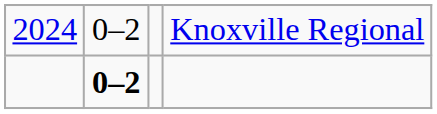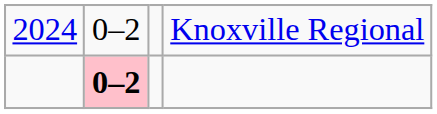 <table class="wikitable">
 <tr>
 <td><a href='#'>2024</a></td>
 <td>0–2</td>
 <td></td>
 <td><a href='#'>Knoxville Regional</a></td>
 </tr>
 <tr>
 <td></td>
-<td><strong>0–2</strong></td>
+<td style="background: pink;"><strong>0–2</strong></td>
 <td><strong></strong></td>
 <td></td>
 </tr>
 </table>
